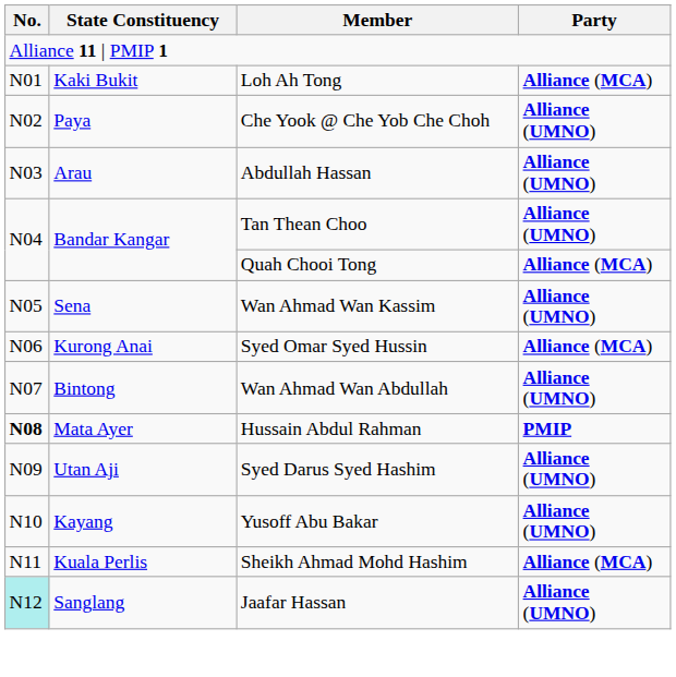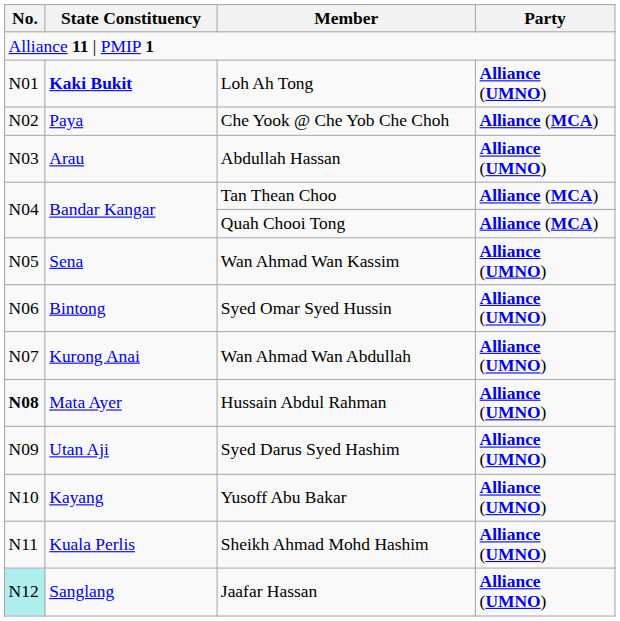 <table class="wikitable sortable">
 <tr>
 <th style="width:30px;">No.</th>
 <th style="width:150px;">State Constituency</th>
 <th style="width:230px;">Member</th>
 <th style="width:120px;">Party</th>
 </tr>
 <tr>
 <td colspan="4"><a href='#'>Alliance</a> <strong>11</strong> | <a href='#'>PMIP</a> <strong>1</strong></td>
 </tr>
 <tr>
 <td>N01</td>
-<td><a href='#'>Kaki Bukit</a></td>
+<td><strong><a href='#'>Kaki Bukit</a></strong></td>
 <td>Loh Ah Tong</td>
-<td><strong><a href='#'>Alliance</a></strong> (<strong><a href='#'>MCA</a></strong>)</td>
+<td><strong><a href='#'>Alliance</a></strong> (<strong><a href='#'>UMNO</a></strong>)</td>
 </tr>
 <tr>
 <td>N02</td>
 <td><a href='#'>Paya</a></td>
 <td>Che Yook @ Che Yob Che Choh</td>
-<td><strong><a href='#'>Alliance</a></strong> (<strong><a href='#'>UMNO</a></strong>)</td>
+<td><strong><a href='#'>Alliance</a></strong> (<strong><a href='#'>MCA</a></strong>)</td>
 </tr>
 <tr>
 <td>N03</td>
 <td><a href='#'>Arau</a></td>
 <td>Abdullah Hassan</td>
 <td><strong><a href='#'>Alliance</a></strong> (<strong><a href='#'>UMNO</a></strong>)</td>
 </tr>
 <tr>
 <td rowspan=2>N04</td>
 <td rowspan=2><a href='#'>Bandar Kangar</a></td>
 <td>Tan Thean Choo </td>
-<td><strong><a href='#'>Alliance</a></strong> (<strong><a href='#'>UMNO</a></strong>)</td>
+<td><strong><a href='#'>Alliance</a></strong> (<strong><a href='#'>MCA</a></strong>)</td>
 </tr>
 <tr>
 <td>Quah Chooi Tong </td>
 <td><strong><a href='#'>Alliance</a></strong> (<strong><a href='#'>MCA</a></strong>)</td>
 </tr>
 <tr>
 <td>N05</td>
 <td><a href='#'>Sena</a></td>
 <td>Wan Ahmad Wan Kassim</td>
 <td><strong><a href='#'>Alliance</a></strong> (<strong><a href='#'>UMNO</a></strong>)</td>
 </tr>
 <tr>
 <td>N06</td>
-<td><a href='#'>Kurong Anai</a></td>
+<td><a href='#'>Bintong</a></td>
 <td>Syed Omar Syed Hussin</td>
-<td><strong><a href='#'>Alliance</a></strong> (<strong><a href='#'>MCA</a></strong>)</td>
+<td><strong><a href='#'>Alliance</a></strong> (<strong><a href='#'>UMNO</a></strong>)</td>
 </tr>
 <tr>
 <td>N07</td>
-<td><a href='#'>Bintong</a></td>
+<td><a href='#'>Kurong Anai</a></td>
 <td>Wan Ahmad Wan Abdullah</td>
 <td><strong><a href='#'>Alliance</a></strong> (<strong><a href='#'>UMNO</a></strong>)</td>
 </tr>
 <tr>
 <td><strong>N08</strong></td>
 <td><a href='#'>Mata Ayer</a></td>
 <td>Hussain Abdul Rahman</td>
-<td><strong><a href='#'>PMIP</a></strong></td>
+<td><strong><a href='#'>Alliance</a></strong> (<strong><a href='#'>UMNO</a></strong>)</td>
 </tr>
 <tr>
 <td>N09</td>
 <td><a href='#'>Utan Aji</a></td>
 <td>Syed Darus Syed Hashim</td>
 <td><strong><a href='#'>Alliance</a></strong> (<strong><a href='#'>UMNO</a></strong>)</td>
 </tr>
 <tr>
 <td>N10</td>
 <td><a href='#'>Kayang</a></td>
 <td>Yusoff Abu Bakar</td>
 <td><strong><a href='#'>Alliance</a></strong> (<strong><a href='#'>UMNO</a></strong>)</td>
 </tr>
 <tr>
 <td>N11</td>
 <td><a href='#'>Kuala Perlis</a></td>
 <td>Sheikh Ahmad Mohd Hashim</td>
-<td><strong><a href='#'>Alliance</a></strong> (<strong><a href='#'>MCA</a></strong>)</td>
+<td><strong><a href='#'>Alliance</a></strong> (<strong><a href='#'>UMNO</a></strong>)</td>
 </tr>
 <tr>
 <td style="background: paleturquoise;">N12</td>
 <td><a href='#'>Sanglang</a></td>
 <td>Jaafar Hassan</td>
 <td><strong><a href='#'>Alliance</a></strong> (<strong><a href='#'>UMNO</a></strong>)</td>
 </tr>
 </table>
